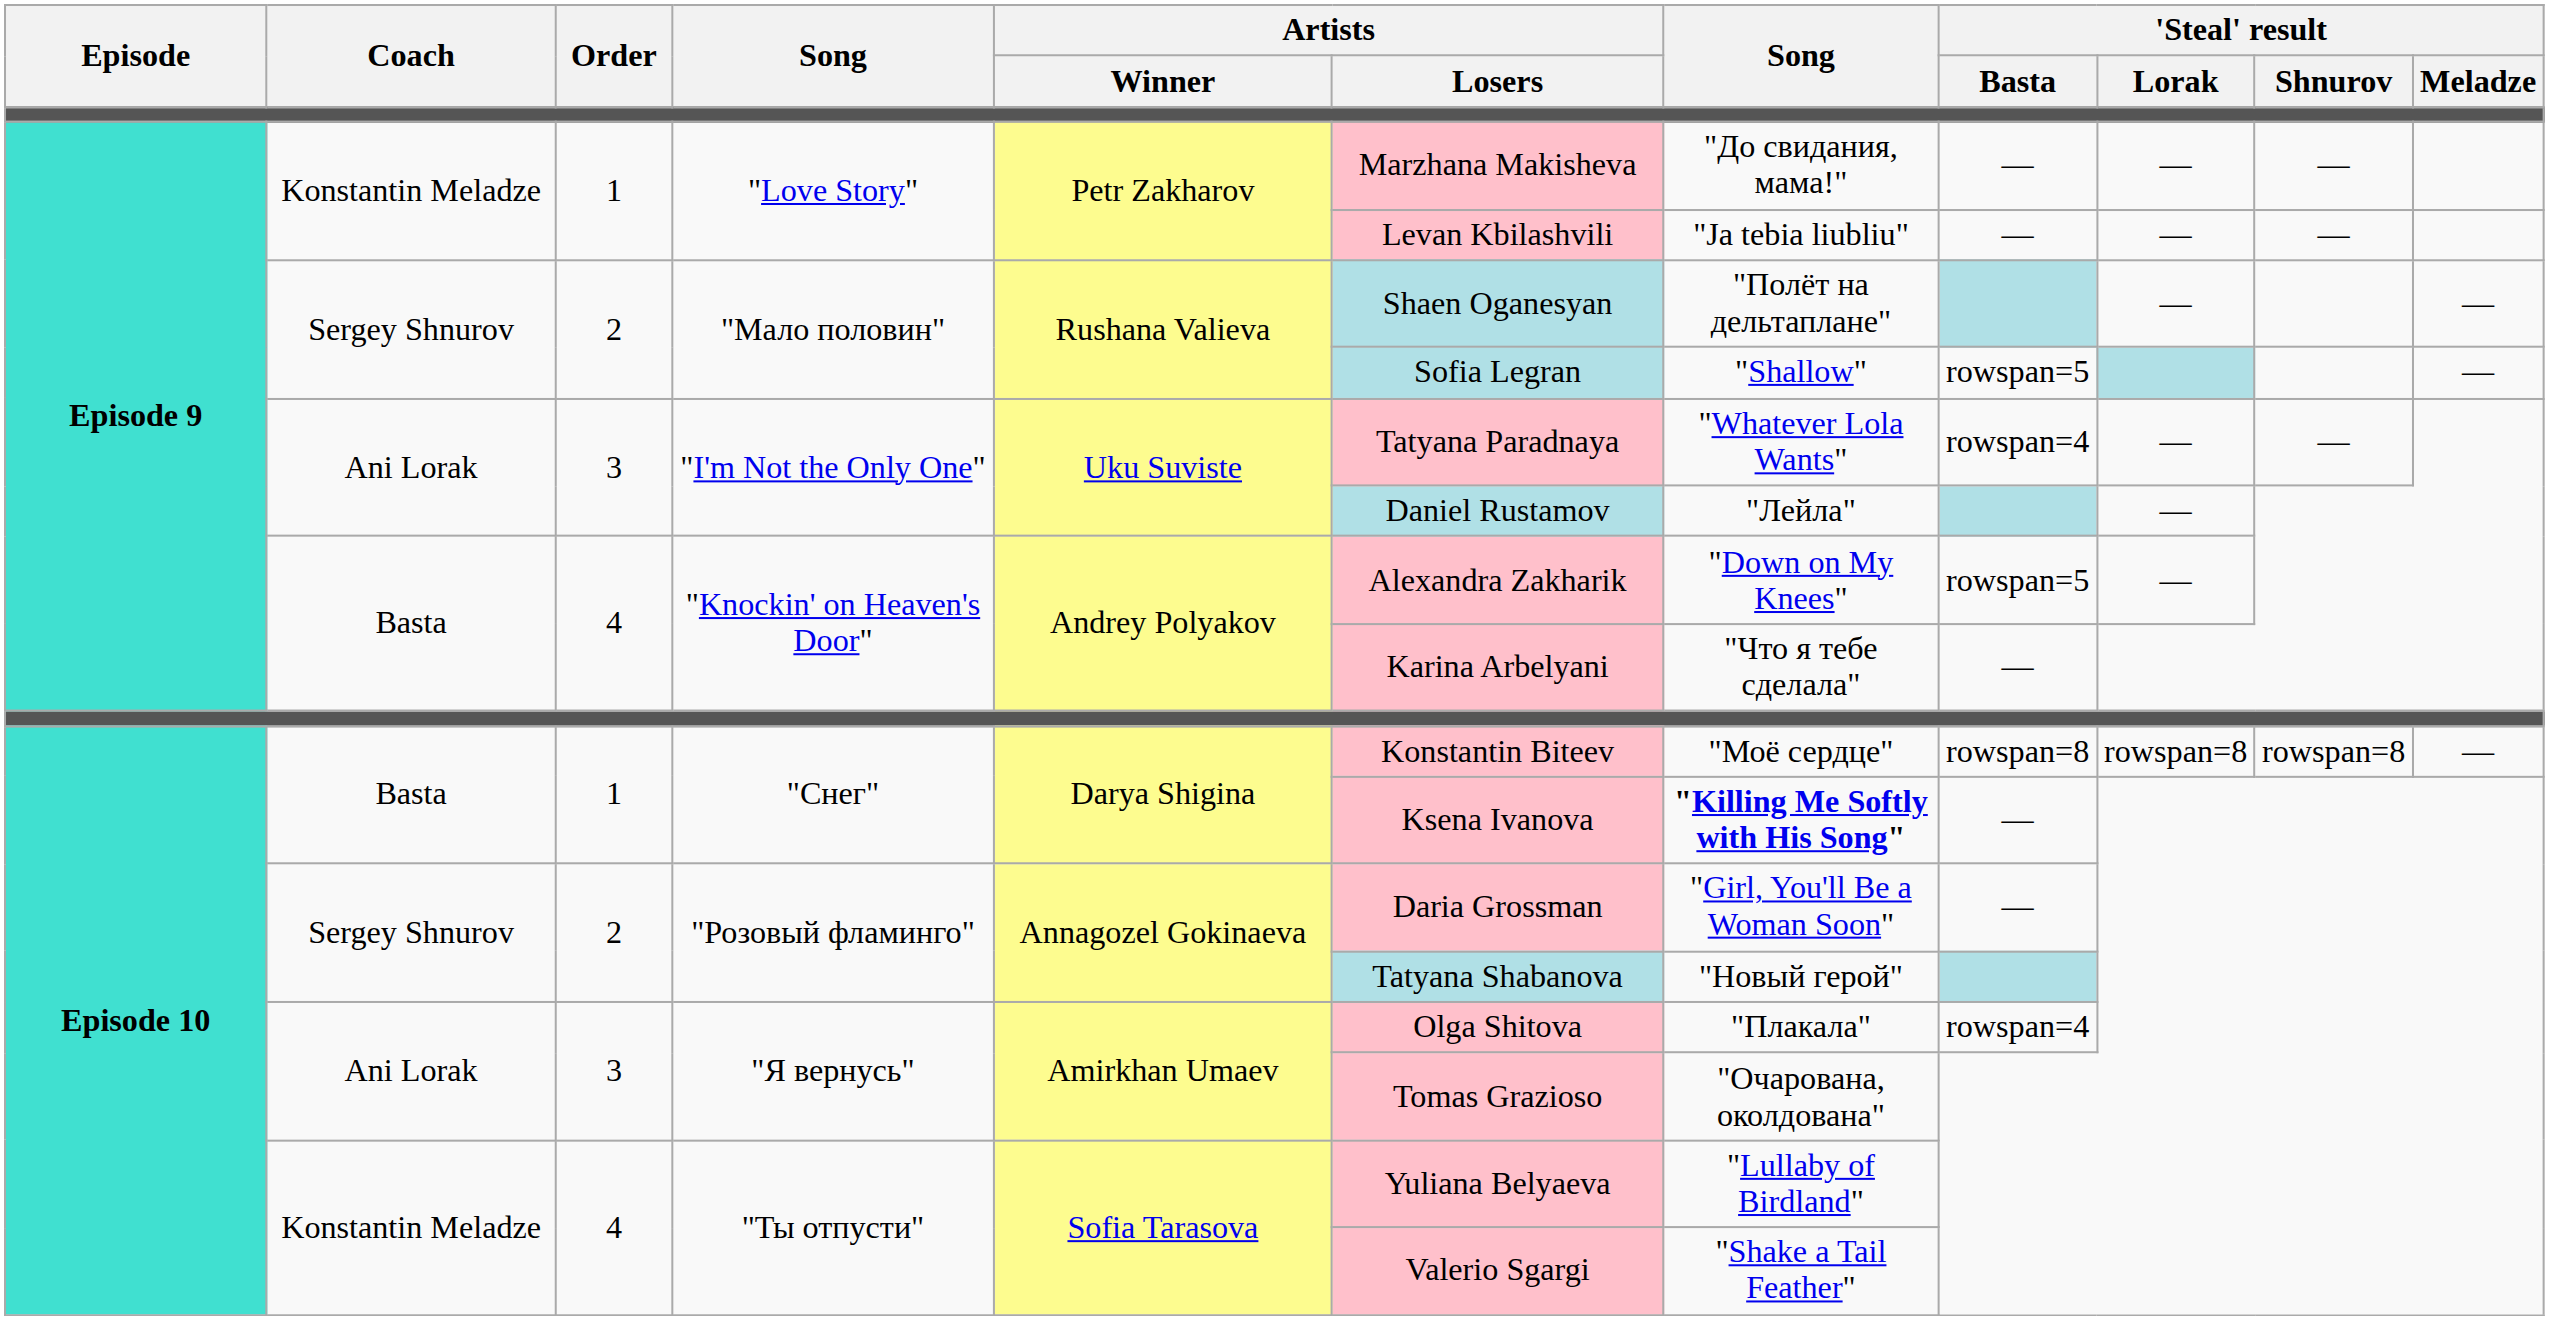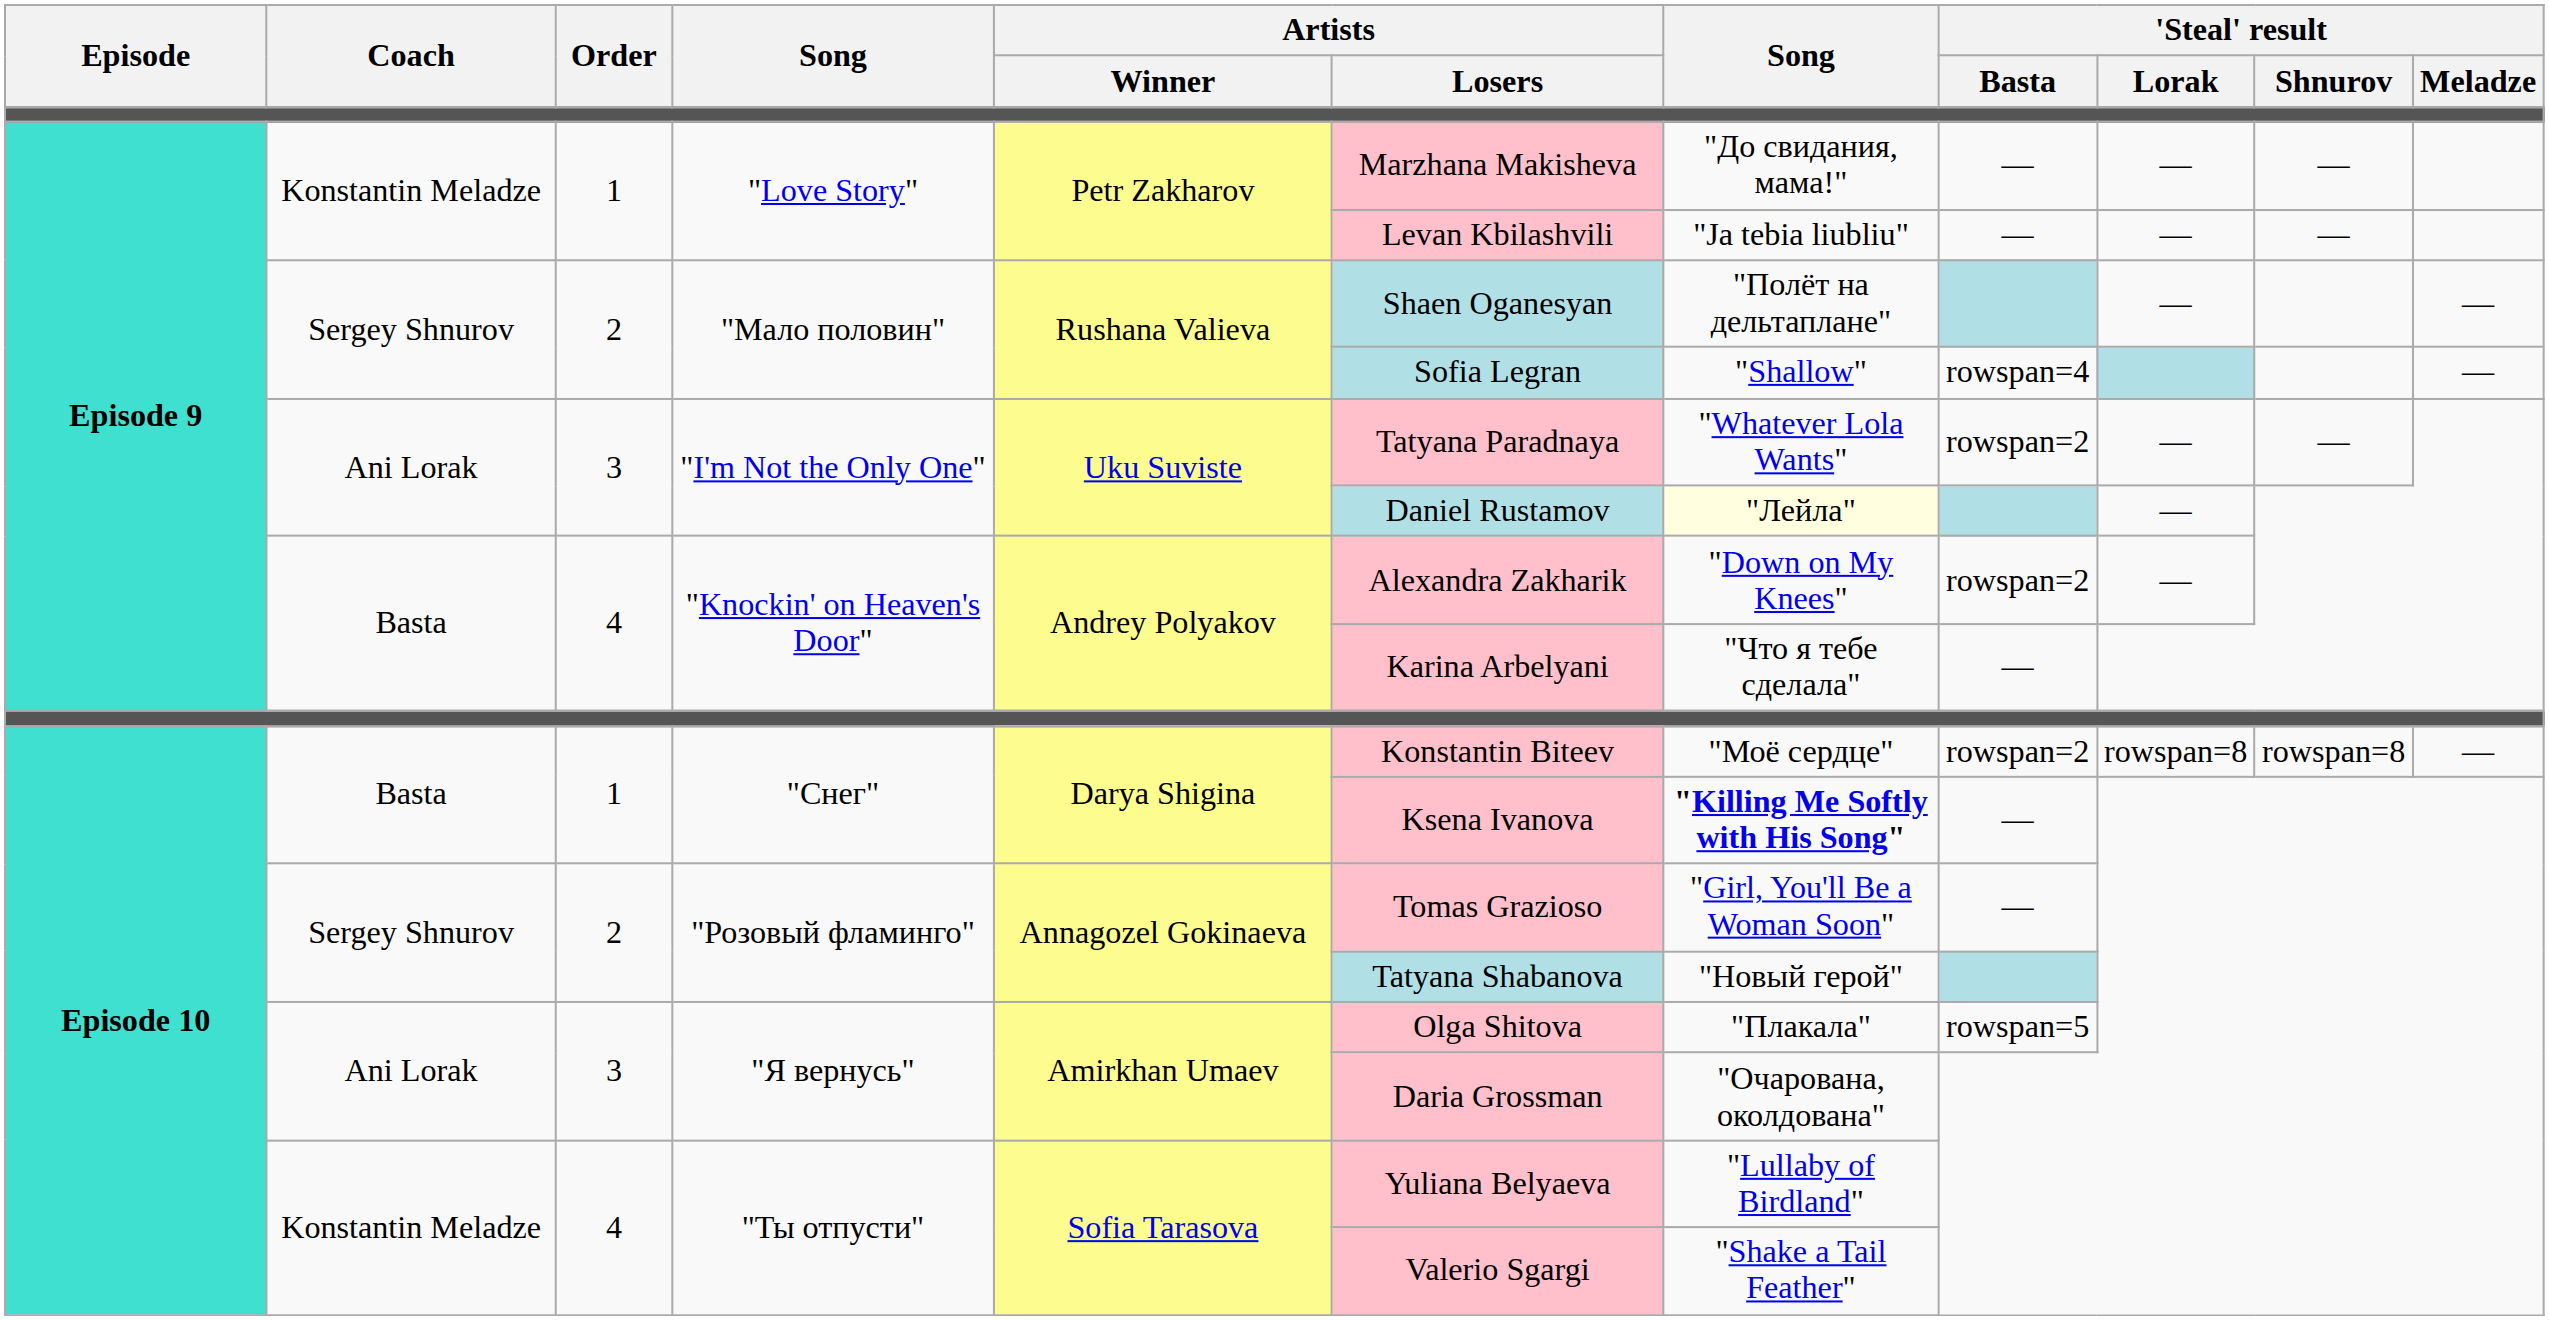 <table class="wikitable" style="text-align: center; width:100%;">
 <tr>
 <th rowspan=2 width="14%">Episode</th>
 <th rowspan=2 width="15%">Coach</th>
 <th rowspan=2 width="5%">Order</th>
 <th rowspan=2 width="17%">Song</th>
 <th colspan=2 width="36%">Artists</th>
 <th rowspan=2 width="17%">Song</th>
 <th colspan="4" style="width:20%;">'Steal' result</th>
 </tr>
 <tr>
 <th>Winner</th>
 <th>Losers</th>
 <th style="width:05%;">Basta</th>
 <th style="width:05%;">Lorak</th>
 <th style="width:05%;">Shnurov</th>
 <th style="width:05%;">Meladze</th>
 </tr>
 <tr>
 <td colspan="11" style="background:#555;"></td>
 </tr>
 <tr>
 <th rowspan=8 style="background:turquoise;">Episode 9<br><small></small> </th>
 <td rowspan=2>Konstantin Meladze</td>
 <td rowspan=2>1</td>
 <td rowspan=2>"<a href='#'>Love Story</a>"</td>
 <td rowspan=2 style="background:#fdfc8f;">Petr Zakharov</td>
 <td style="background:pink;">Marzhana Makisheva</td>
 <td>"До свидания, мама!"</td>
 <td>—</td>
 <td>—</td>
 <td>—</td>
 <td></td>
 </tr>
 <tr>
 <td style="background:pink;">Levan Kbilashvili</td>
 <td>"Ja tebia liubliu"</td>
 <td>—</td>
 <td>—</td>
 <td>—</td>
 <td></td>
 </tr>
 <tr>
 <td rowspan=2>Sergey Shnurov</td>
 <td rowspan=2>2</td>
 <td rowspan=2>"Мало половин"</td>
 <td rowspan=2 style="background:#fdfc8f;">Rushana Valieva</td>
 <td style="background:#b0e0e6;">Shaen Oganesyan</td>
 <td>"Полёт на дельтаплане"</td>
 <td style="background:#B0E0E6;"><strong></strong></td>
 <td>—</td>
 <td></td>
 <td>—</td>
 </tr>
 <tr>
 <td style="background:#b0e0e6;">Sofia Legran</td>
 <td>"<a href='#'>Shallow</a>"</td>
-<td>rowspan=5 </td>
+<td>rowspan=4 </td>
 <td style="background:#B0E0E6;"><strong></strong></td>
 <td></td>
 <td>—</td>
 </tr>
 <tr>
 <td rowspan=2>Ani Lorak</td>
 <td rowspan=2>3</td>
 <td rowspan=2>"<a href='#'>I'm Not the Only One</a>"</td>
 <td rowspan=2 style="background:#fdfc8f;"><a href='#'>Uku Suviste</a></td>
 <td style="background:pink;">Tatyana Paradnaya</td>
 <td>"<a href='#'>Whatever Lola Wants</a>"</td>
-<td>rowspan=4 </td>
+<td>rowspan=2 </td>
 <td>—</td>
 <td>—</td>
 </tr>
 <tr>
 <td style="background:#b0e0e6;">Daniel Rustamov</td>
-<td>"Лейла"</td>
+<td style="background: lightyellow;">"Лейла"</td>
 <td style="background:#B0E0E6;"><strong></strong></td>
 <td>—</td>
 </tr>
 <tr>
 <td rowspan=2>Basta</td>
 <td rowspan=2>4</td>
 <td rowspan=2>"<a href='#'>Knockin' on Heaven's Door</a>"</td>
 <td rowspan=2 style="background:#fdfc8f;">Andrey Polyakov</td>
 <td style="background:pink;">Alexandra Zakharik</td>
 <td>"<a href='#'>Down on My Knees</a>"</td>
-<td>rowspan=5 </td>
+<td>rowspan=2 </td>
 <td>—</td>
 </tr>
 <tr>
 <td style="background:pink;">Karina Arbelyani</td>
 <td>"Что я тебе сделала"</td>
 <td>—</td>
 </tr>
 <tr>
 <td colspan="11" style="background:#555;"></td>
 </tr>
 <tr>
 <th rowspan=8 style="background:turquoise;">Episode 10<br><small></small> </th>
 <td rowspan=2>Basta</td>
 <td rowspan=2>1</td>
 <td rowspan=2>"Снег"</td>
 <td rowspan=2 style="background:#fdfc8f;">Darya Shigina</td>
 <td style="background:pink;">Konstantin Biteev</td>
 <td>"Моё сердце"</td>
-<td>rowspan=8 </td>
+<td>rowspan=2 </td>
 <td>rowspan=8 </td>
 <td>rowspan=8 </td>
 <td>—</td>
 </tr>
 <tr>
 <td style="background:pink;">Ksena Ivanova</td>
 <td><strong>"<a href='#'>Killing Me Softly with His Song</a>"</strong></td>
 <td>—</td>
 </tr>
 <tr>
 <td rowspan=2>Sergey Shnurov</td>
 <td rowspan=2>2</td>
 <td rowspan=2>"Розовый фламинго"</td>
 <td rowspan=2 style="background:#fdfc8f;">Annagozel Gokinaeva</td>
-<td style="background:pink;">Daria Grossman</td>
+<td style="background:pink;">Tomas Grazioso</td>
 <td>"<a href='#'>Girl, You'll Be a Woman Soon</a>"</td>
 <td>—</td>
 </tr>
 <tr>
 <td style="background:#b0e0e6;">Tatyana Shabanova</td>
 <td>"Новый герой"</td>
 <td style="background:#B0E0E6;"><strong></strong></td>
 </tr>
 <tr>
 <td rowspan=2>Ani Lorak</td>
 <td rowspan=2>3</td>
 <td rowspan=2>"Я вернусь"</td>
 <td rowspan=2 style="background:#fdfc8f;">Amirkhan Umaev</td>
 <td style="background:pink;">Olga Shitova</td>
 <td>"Плакала"</td>
-<td>rowspan=4 </td>
+<td>rowspan=5 </td>
 </tr>
 <tr>
-<td style="background:pink;">Tomas Grazioso</td>
+<td style="background:pink;">Daria Grossman</td>
 <td>"Очарована, околдована"</td>
 </tr>
 <tr>
 <td rowspan=2>Konstantin Meladze</td>
 <td rowspan=2>4</td>
 <td rowspan=2>"Ты отпусти"</td>
 <td rowspan=2 style="background:#fdfc8f;"><a href='#'>Sofia Tarasova</a></td>
 <td style="background:pink;">Yuliana Belyaeva</td>
 <td>"<a href='#'>Lullaby of Birdland</a>"</td>
 </tr>
 <tr>
 <td style="background:pink;">Valerio Sgargi</td>
 <td>"<a href='#'>Shake a Tail Feather</a>"</td>
 </tr>
 <tr>
 </tr>
 </table>
